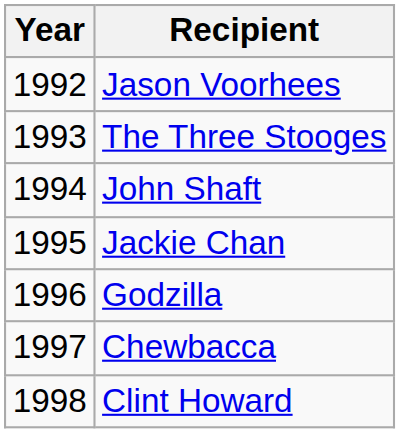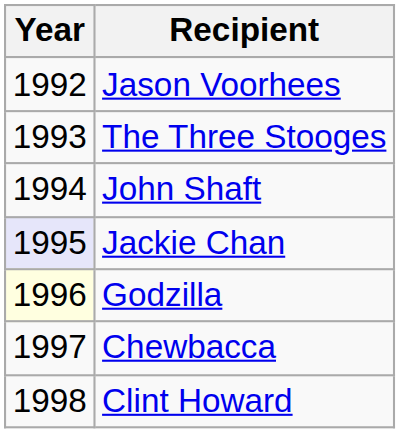 <table class="wikitable">
 <tr>
 <th>Year</th>
 <th>Recipient</th>
 </tr>
 <tr>
 <td>1992</td>
 <td><a href='#'>Jason Voorhees</a></td>
 </tr>
 <tr>
 <td>1993</td>
 <td><a href='#'>The Three Stooges</a></td>
 </tr>
 <tr>
 <td>1994</td>
 <td><a href='#'>John Shaft</a></td>
 </tr>
 <tr>
-<td>1995</td>
+<td style="background: lavender;">1995</td>
 <td><a href='#'>Jackie Chan</a></td>
 </tr>
 <tr>
-<td>1996</td>
+<td style="background: lightyellow;">1996</td>
 <td><a href='#'>Godzilla</a></td>
 </tr>
 <tr>
 <td>1997</td>
 <td><a href='#'>Chewbacca</a></td>
 </tr>
 <tr>
 <td>1998</td>
 <td><a href='#'>Clint Howard</a></td>
 </tr>
 </table>
